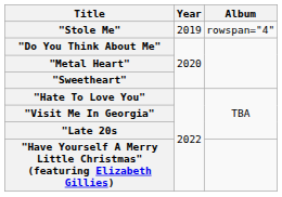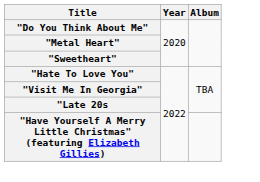 <table class="wikitable plainrowheaders" style="text-align:center">
 <tr>
 <th scope="col" style="width:16em;">Title</th>
 <th scope="col">Year</th>
 <th scope="col">Album</th>
-</tr>
-<tr>
-<th scope="row">"Stole Me"</th>
-<td>2019</td>
-<td>rowspan="4" </td>
 </tr>
 <tr>
 <th scope="row">"Do You Think About Me"</th>
 <td rowspan="3">2020</td>
 </tr>
 <tr>
 <th scope="row">"Metal Heart"</th>
 </tr>
 <tr>
 <th scope="row">"Sweetheart"</th>
 </tr>
 <tr>
 <th scope="row">"Hate To Love You"</th>
 <td rowspan="4">2022</td>
 <td rowspan="3">TBA</td>
 </tr>
 <tr>
 <th scope="row">"Visit Me In Georgia"</th>
 </tr>
 <tr>
 <th scope="row">"Late 20s</th>
 </tr>
 <tr>
 <th scope="row">"Have Yourself A Merry Little Christmas"<br><span>(featuring <a href='#'>Elizabeth Gillies</a>)</span></th>
 <td></td>
 </tr>
 </table>
